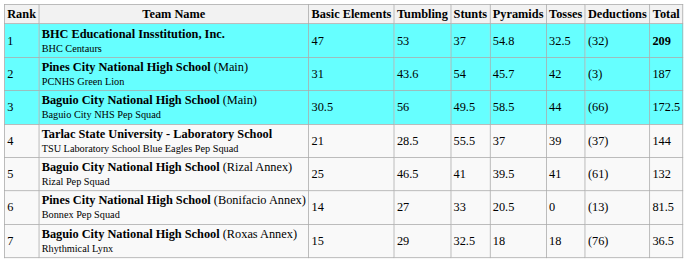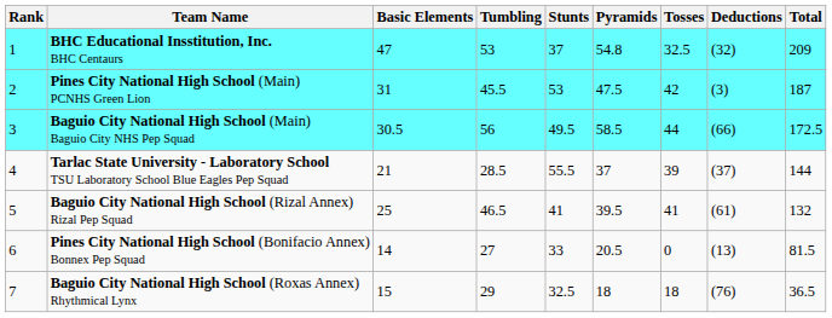 <table class="wikitable" style="text align: center">
 <tr bgcolor="#efefef">
 <th>Rank</th>
 <th>Team Name</th>
 <th>Basic Elements</th>
 <th>Tumbling</th>
 <th>Stunts</th>
 <th>Pyramids</th>
 <th>Tosses</th>
 <th>Deductions</th>
 <th>Total</th>
 </tr>
 <tr bgcolor="66FFFF">
 <td>1</td>
 <td><strong>BHC Educational Insstitution, Inc.</strong> <br> <small> BHC Centaurs </small></td>
 <td>47</td>
 <td>53</td>
 <td>37</td>
 <td>54.8</td>
 <td>32.5</td>
 <td>(32)</td>
-<td><strong>209</strong></td>
+<td>209</td>
 </tr>
 <tr bgcolor="66FFFF">
 <td>2</td>
 <td><strong>Pines City National High School</strong> (Main) <br> <small> PCNHS Green Lion </small></td>
 <td>31</td>
-<td>43.6</td>
-<td>54</td>
-<td>45.7</td>
+<td>45.5</td>
+<td>53</td>
+<td>47.5</td>
 <td>42</td>
 <td>(3)</td>
 <td>187</td>
 </tr>
 <tr bgcolor="66FFFF">
 <td>3</td>
 <td><strong>Baguio City National High School</strong> (Main) <br> <small> Baguio City NHS Pep Squad </small></td>
 <td>30.5</td>
 <td>56</td>
 <td>49.5</td>
 <td>58.5</td>
 <td>44</td>
 <td>(66)</td>
 <td>172.5</td>
 </tr>
 <tr>
 <td>4</td>
 <td><strong>Tarlac State University - Laboratory School</strong> <br> <small> TSU Laboratory School Blue Eagles Pep Squad </small></td>
 <td>21</td>
 <td>28.5</td>
 <td>55.5</td>
 <td>37</td>
 <td>39</td>
 <td>(37)</td>
 <td>144</td>
 </tr>
 <tr>
 <td>5</td>
 <td><strong>Baguio City National High School</strong> (Rizal Annex) <br> <small> Rizal Pep Squad </small></td>
 <td>25</td>
 <td>46.5</td>
 <td>41</td>
 <td>39.5</td>
 <td>41</td>
 <td>(61)</td>
 <td>132</td>
 </tr>
 <tr>
 <td>6</td>
 <td><strong>Pines City National High School</strong> (Bonifacio Annex) <br> <small> Bonnex Pep Squad </small></td>
 <td>14</td>
 <td>27</td>
 <td>33</td>
 <td>20.5</td>
 <td>0</td>
 <td>(13)</td>
 <td>81.5</td>
 </tr>
 <tr>
 <td>7</td>
 <td><strong>Baguio City National High School</strong> (Roxas Annex) <br> <small> Rhythmical Lynx </small></td>
 <td>15</td>
 <td>29</td>
 <td>32.5</td>
 <td>18</td>
 <td>18</td>
 <td>(76)</td>
 <td>36.5</td>
 </tr>
 </table>
